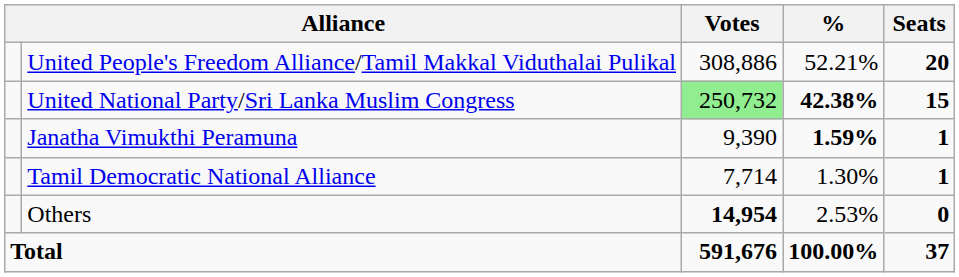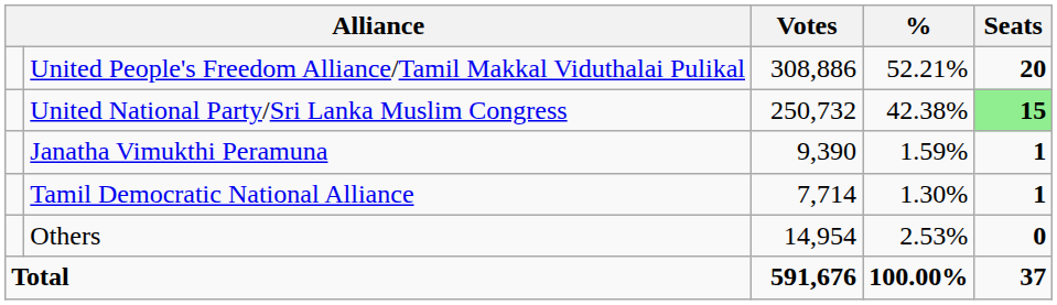 <table class="wikitable" border="1" style="text-align:right;">
 <tr>
 <th colspan=2>Alliance</th>
 <th width="60">Votes</th>
 <th width="50">%</th>
 <th width="40">Seats</th>
 </tr>
 <tr>
 <td bgcolor=> </td>
 <td align=left><a href='#'>United People's Freedom Alliance</a>/<a href='#'>Tamil Makkal Viduthalai Pulikal</a></td>
 <td>308,886</td>
 <td>52.21%</td>
 <td><strong>20</strong></td>
 </tr>
 <tr>
 <td bgcolor=> </td>
 <td align=left><a href='#'>United National Party</a>/<a href='#'>Sri Lanka Muslim Congress</a></td>
-<td style="background: lightgreen;">250,732</td>
-<td><strong>42.38%</strong></td>
-<td><strong>15</strong></td>
+<td>250,732</td>
+<td>42.38%</td>
+<td style="background: lightgreen;"><strong>15</strong></td>
 </tr>
 <tr>
 <td bgcolor=> </td>
 <td align=left><a href='#'>Janatha Vimukthi Peramuna</a></td>
 <td>9,390</td>
-<td><strong>1.59%</strong></td>
+<td>1.59%</td>
 <td><strong>1</strong></td>
 </tr>
 <tr>
 <td bgcolor=> </td>
 <td align=left><a href='#'>Tamil Democratic National Alliance</a></td>
 <td>7,714</td>
 <td>1.30%</td>
 <td><strong>1</strong></td>
 </tr>
 <tr>
 <td></td>
 <td align=left>Others</td>
-<td><strong>14,954</strong></td>
+<td>14,954</td>
 <td>2.53%</td>
 <td><strong>0</strong></td>
 </tr>
 <tr>
 <td colspan=2 align=left><strong>Total</strong></td>
 <td><strong>591,676</strong></td>
 <td><strong>100.00%</strong></td>
 <td><strong>37</strong></td>
 </tr>
 </table>
